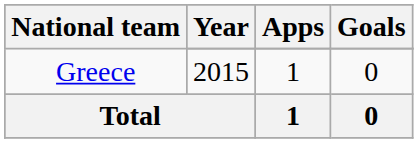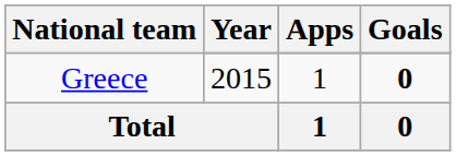 <table class="wikitable" style="text-align: center">
 <tr>
 <th>National team</th>
 <th>Year</th>
 <th>Apps</th>
 <th>Goals</th>
 </tr>
 <tr>
 <td rowspan="2"><a href='#'>Greece</a></td>
 </tr>
 <tr>
 <td>2015</td>
 <td>1</td>
-<td>0</td>
+<td><strong>0</strong></td>
 </tr>
 <tr>
 <th colspan=2>Total</th>
 <th>1</th>
 <th>0</th>
 </tr>
 </table>
